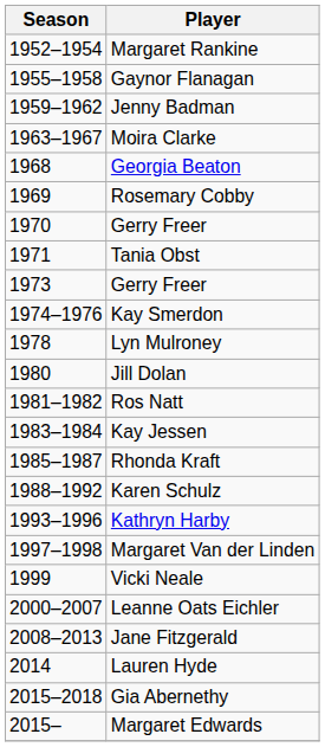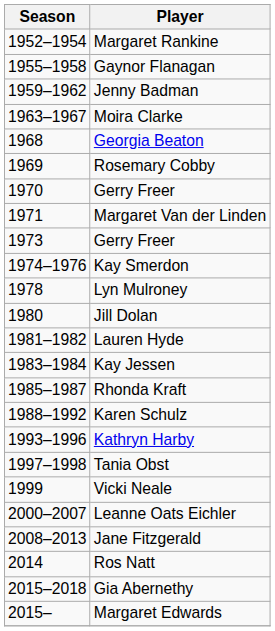 <table class="wikitable collapsible">
 <tr>
 <th>Season</th>
 <th>Player</th>
 </tr>
 <tr>
 <td>1952–1954</td>
 <td>Margaret Rankine</td>
 </tr>
 <tr>
 <td>1955–1958</td>
 <td>Gaynor Flanagan</td>
 </tr>
 <tr>
 <td>1959–1962</td>
 <td>Jenny Badman</td>
 </tr>
 <tr>
 <td>1963–1967</td>
 <td>Moira Clarke</td>
 </tr>
 <tr>
 <td>1968</td>
 <td><a href='#'>Georgia Beaton</a></td>
 </tr>
 <tr>
 <td>1969</td>
 <td>Rosemary Cobby</td>
 </tr>
 <tr>
 <td>1970</td>
 <td>Gerry Freer</td>
 </tr>
 <tr>
 <td>1971</td>
-<td>Tania Obst</td>
+<td>Margaret Van der Linden</td>
 </tr>
 <tr>
 <td>1973</td>
 <td>Gerry Freer</td>
 </tr>
 <tr>
 <td>1974–1976</td>
 <td>Kay Smerdon</td>
 </tr>
 <tr>
 <td>1978</td>
 <td>Lyn Mulroney</td>
 </tr>
 <tr>
 <td>1980</td>
 <td>Jill Dolan</td>
 </tr>
 <tr>
 <td>1981–1982</td>
-<td>Ros Natt</td>
+<td>Lauren Hyde</td>
 </tr>
 <tr>
 <td>1983–1984</td>
 <td>Kay Jessen</td>
 </tr>
 <tr>
 <td>1985–1987</td>
 <td>Rhonda Kraft</td>
 </tr>
 <tr>
 <td>1988–1992</td>
 <td>Karen Schulz</td>
 </tr>
 <tr>
 <td>1993–1996</td>
 <td><a href='#'>Kathryn Harby</a></td>
 </tr>
 <tr>
 <td>1997–1998</td>
-<td>Margaret Van der Linden</td>
+<td>Tania Obst</td>
 </tr>
 <tr>
 <td>1999</td>
 <td>Vicki Neale</td>
 </tr>
 <tr>
 <td>2000–2007</td>
 <td>Leanne Oats Eichler</td>
 </tr>
 <tr>
 <td>2008–2013</td>
 <td>Jane Fitzgerald</td>
 </tr>
 <tr>
 <td>2014</td>
-<td>Lauren Hyde</td>
+<td>Ros Natt</td>
 </tr>
 <tr>
 <td>2015–2018</td>
 <td>Gia Abernethy</td>
 </tr>
 <tr>
 <td>2015–</td>
 <td>Margaret Edwards</td>
 </tr>
 <tr>
 </tr>
 </table>
